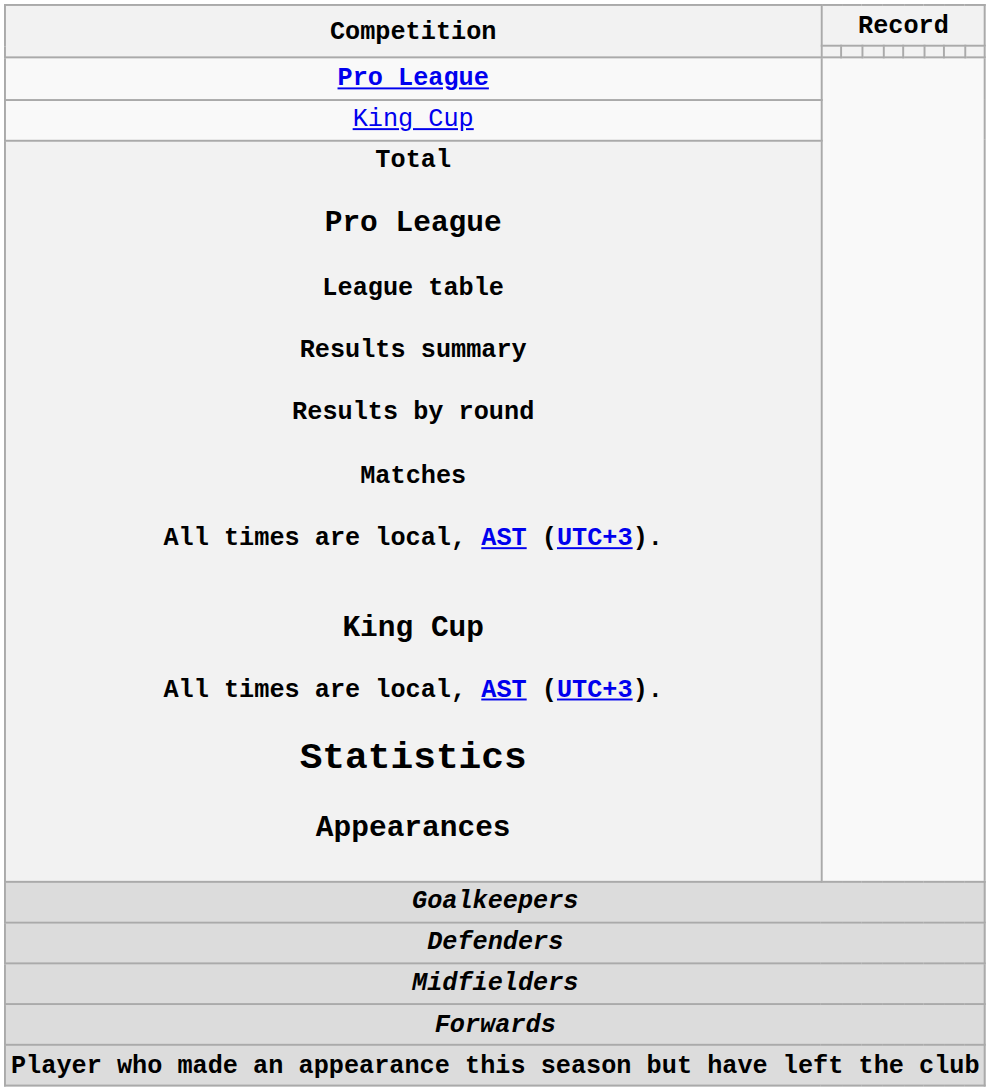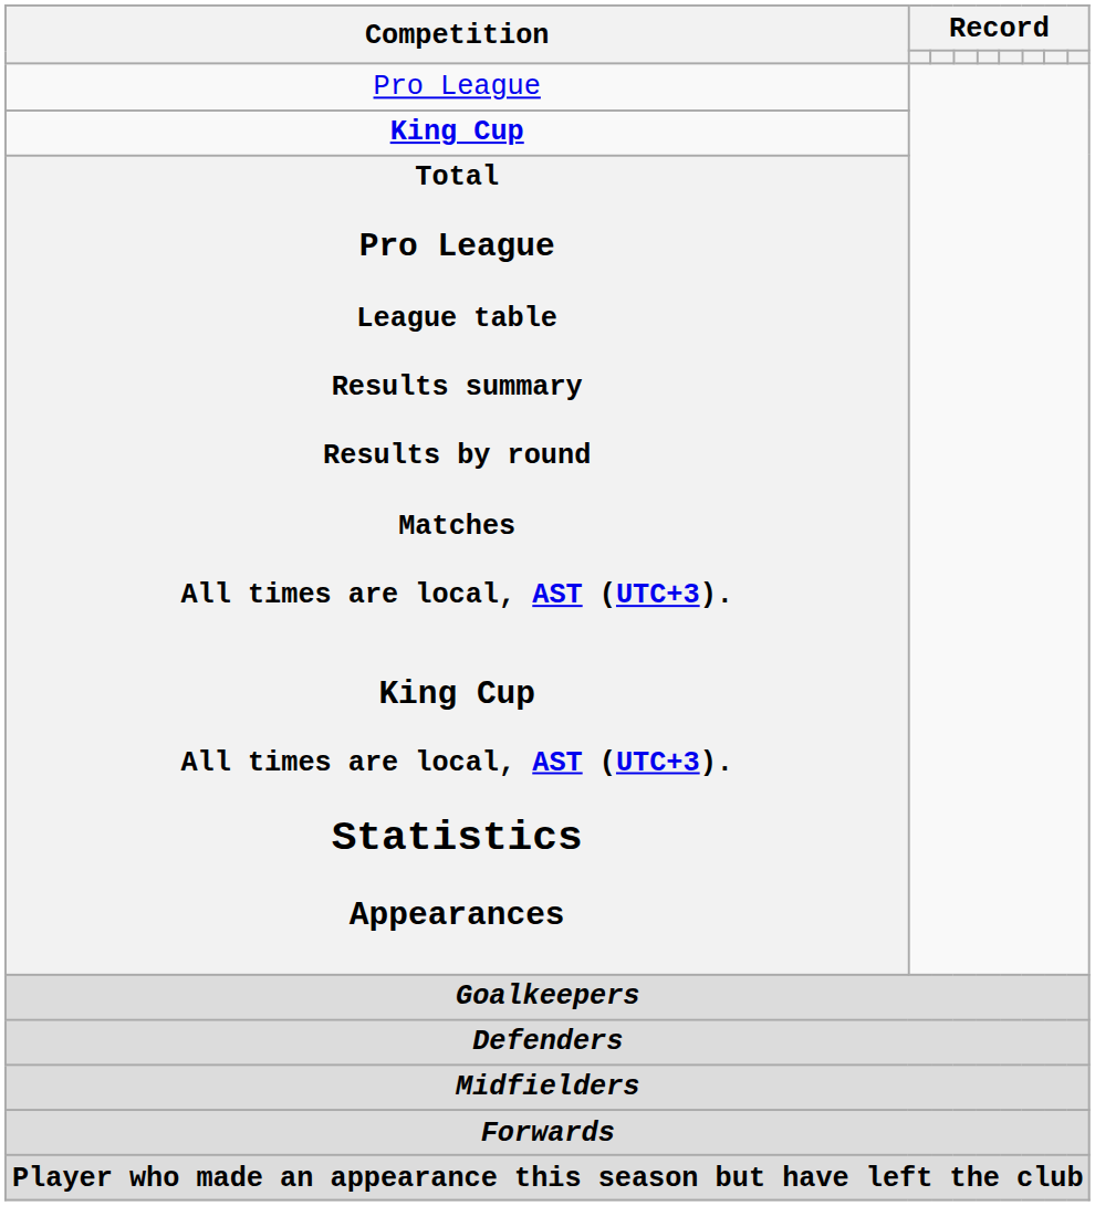 <table class="wikitable" style="text-align: center">
 <tr>
 <th rowspan=2>Competition</th>
 <th colspan=8>Record</th>
 </tr>
 <tr>
 <th></th>
 <th></th>
 <th></th>
 <th></th>
 <th></th>
 <th></th>
 <th></th>
 <th></th>
 </tr>
 <tr>
-<td><strong><a href='#'>Pro League</a><br></strong></td>
+<td><a href='#'>Pro League</a><br></td>
 </tr>
 <tr>
-<td><a href='#'>King Cup</a><br></td>
+<td><strong><a href='#'>King Cup</a><br></strong></td>
 </tr>
 <tr>
 <th>Total<br> <h3>Pro League</h3><h4>League table</h4><h4>Results summary</h4> <h4>Results by round</h4><h4>Matches</h4>All times are local, <a href='#'>AST</a> (<a href='#'>UTC+3</a>).<br>   <br>                             <h3>King Cup</h3> All times are local, <a href='#'>AST</a> (<a href='#'>UTC+3</a>).<br>  <h2>Statistics</h2><h3>Appearances</h3></th>
 </tr>
 <tr>
 <th colspan=10 style=background:#dcdcdc; text-align:center><em>Goalkeepers</em><br>  </th>
 </tr>
 <tr>
 <th colspan=10 style=background:#dcdcdc; text-align:center><em>Defenders</em><br>        </th>
 </tr>
 <tr>
 <th colspan=10 style=background:#dcdcdc; text-align:center><em>Midfielders</em><br>             </th>
 </tr>
 <tr>
 <th colspan=10 style=background:#dcdcdc; text-align:center><em>Forwards</em><br>   </th>
 </tr>
 <tr>
 <th colspan=12 style=background:#dcdcdc; text-align:center>Player who made an appearance this season but have left the club<br>  </th>
 </tr>
 </table>
